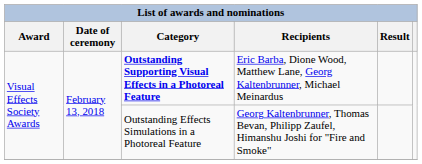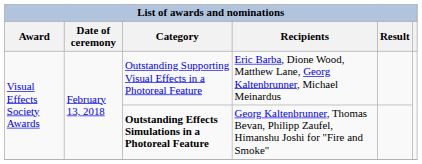 <table class="wikitable">
 <tr |- style="background:#ccc; text-align:center;">
 <th colspan="7" style="background: LightSteelBlue;">List of awards and nominations</th>
 </tr>
 <tr style="background:#ccc; text-align:center;">
 <th scope="col">Award</th>
 <th scope="col">Date of ceremony</th>
 <th scope="col">Category</th>
 <th scope="col">Recipients</th>
 <th scope="col">Result</th>
 <th scope="col" class="unsortable"></th>
 </tr>
 <tr>
 <td rowspan="2"><a href='#'>Visual Effects Society Awards</a></td>
 <td rowspan="2"><a href='#'>February 13, 2018</a></td>
-<td><strong><a href='#'>Outstanding Supporting Visual Effects in a Photoreal Feature</a></strong></td>
+<td><a href='#'>Outstanding Supporting Visual Effects in a Photoreal Feature</a></td>
 <td><a href='#'>Eric Barba</a>, Dione Wood, Matthew Lane, <a href='#'>Georg Kaltenbrunner</a>, Michael Meinardus</td>
 <td></td>
 <td rowspan="2" style="text-align:center;"></td>
 </tr>
 <tr>
-<td>Outstanding Effects Simulations in a Photoreal Feature</td>
+<td><strong>Outstanding Effects Simulations in a Photoreal Feature</strong></td>
 <td><a href='#'>Georg Kaltenbrunner</a>, Thomas Bevan, Philipp Zaufel, Himanshu Joshi for "Fire and Smoke"</td>
 <td></td>
 </tr>
 <tr>
 </tr>
 </table>
